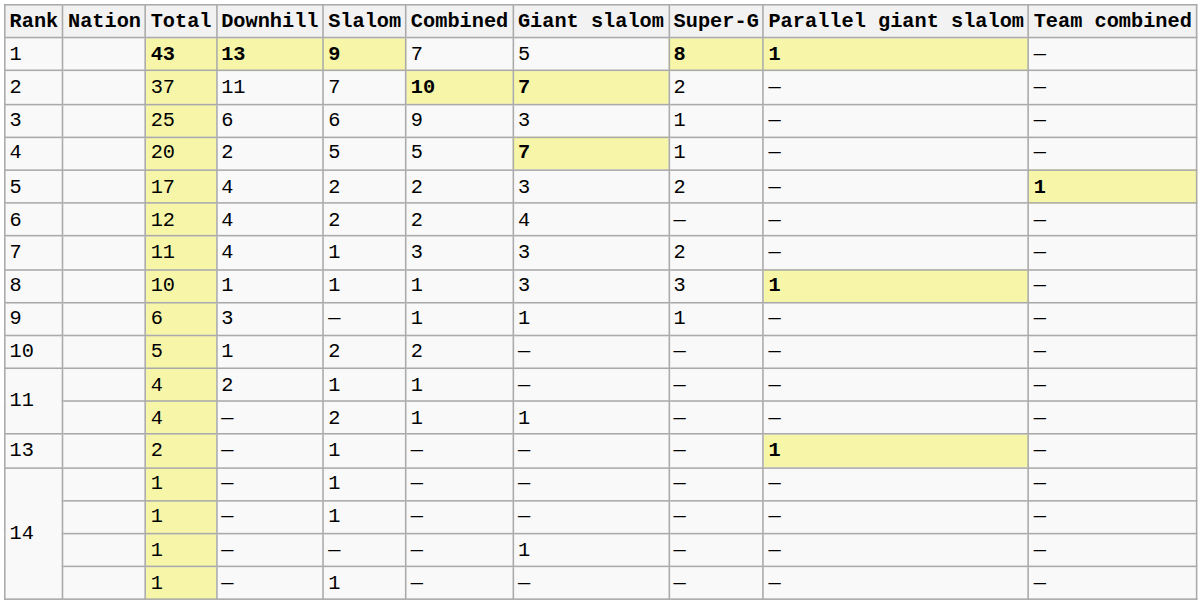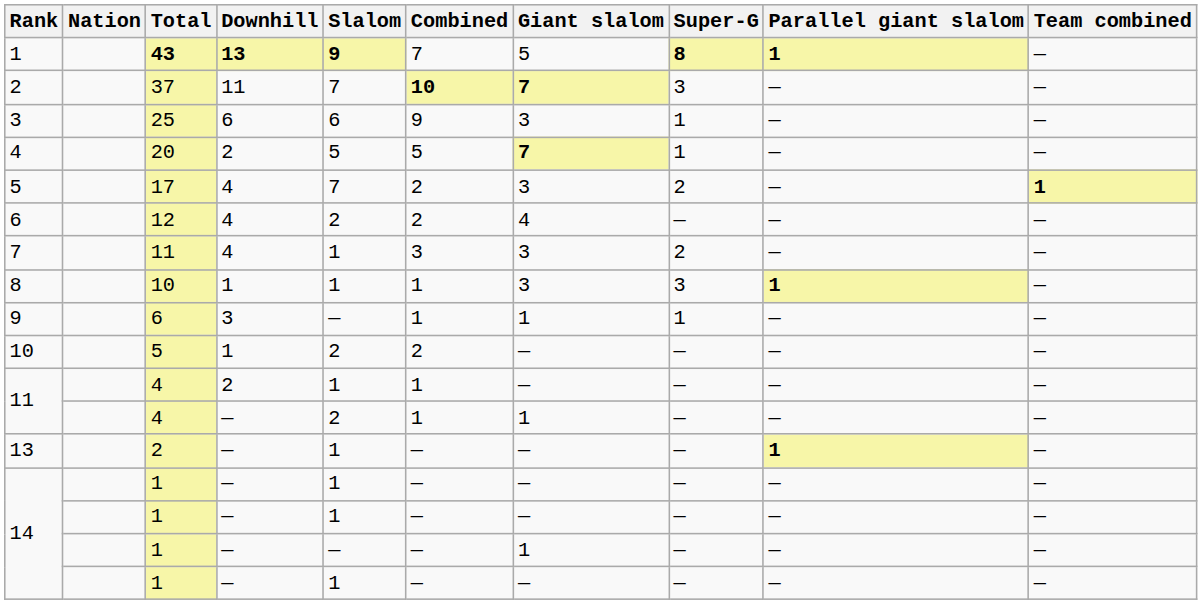 <table class="wikitable sortable" style="text-align:left;">
 <tr>
 <th>Rank</th>
 <th>Nation</th>
 <th>Total</th>
 <th>Downhill</th>
 <th>Slalom</th>
 <th>Combined</th>
 <th>Giant slalom</th>
 <th>Super-G</th>
 <th>Parallel giant slalom</th>
 <th>Team combined</th>
 </tr>
 <tr>
 <td>1</td>
 <td></td>
 <td bgcolor="#F7F6A8"><strong>43</strong></td>
 <td bgcolor="#F7F6A8"><strong>13</strong></td>
 <td bgcolor="#F7F6A8"><strong>9</strong></td>
 <td>7</td>
 <td>5</td>
 <td bgcolor="#F7F6A8"><strong>8</strong></td>
 <td bgcolor="#F7F6A8"><strong>1</strong></td>
 <td>—</td>
 </tr>
 <tr>
 <td>2</td>
 <td>  </td>
 <td bgcolor="#F7F6A8">37</td>
 <td>11</td>
 <td>7</td>
 <td bgcolor="#F7F6A8"><strong>10</strong></td>
 <td bgcolor="#F7F6A8"><strong>7</strong></td>
-<td>2</td>
+<td>3</td>
 <td>—</td>
 <td>—</td>
 </tr>
 <tr>
 <td>3</td>
 <td></td>
 <td bgcolor="#F7F6A8">25</td>
 <td>6</td>
 <td>6</td>
 <td>9</td>
 <td>3</td>
 <td>1</td>
 <td>—</td>
 <td>—</td>
 </tr>
 <tr>
 <td>4</td>
 <td></td>
 <td bgcolor="#F7F6A8">20</td>
 <td>2</td>
 <td>5</td>
 <td>5</td>
 <td bgcolor="#F7F6A8"><strong>7</strong></td>
 <td>1</td>
 <td>—</td>
 <td>—</td>
 </tr>
 <tr>
 <td>5</td>
 <td></td>
 <td bgcolor="#F7F6A8">17</td>
 <td>4</td>
-<td>2</td>
+<td>7</td>
 <td>2</td>
 <td>3</td>
 <td>2</td>
 <td>—</td>
 <td bgcolor="#F7F6A8"><strong>1</strong></td>
 </tr>
 <tr>
 <td>6</td>
 <td></td>
 <td bgcolor="#F7F6A8">12</td>
 <td>4</td>
 <td>2</td>
 <td>2</td>
 <td>4</td>
 <td>—</td>
 <td>—</td>
 <td>—</td>
 </tr>
 <tr>
 <td>7</td>
 <td></td>
 <td bgcolor="#F7F6A8">11</td>
 <td>4</td>
 <td>1</td>
 <td>3</td>
 <td>3</td>
 <td>2</td>
 <td>—</td>
 <td>—</td>
 </tr>
 <tr>
 <td>8</td>
 <td></td>
 <td bgcolor="#F7F6A8">10</td>
 <td>1</td>
 <td>1</td>
 <td>1</td>
 <td>3</td>
 <td>3</td>
 <td bgcolor="#F7F6A8"><strong>1</strong></td>
 <td>—</td>
 </tr>
 <tr>
 <td>9</td>
 <td></td>
 <td bgcolor="#F7F6A8">6</td>
 <td>3</td>
 <td>—</td>
 <td>1</td>
 <td>1</td>
 <td>1</td>
 <td>—</td>
 <td>—</td>
 </tr>
 <tr>
 <td>10</td>
 <td></td>
 <td bgcolor="#F7F6A8">5</td>
 <td>1</td>
 <td>2</td>
 <td>2</td>
 <td>—</td>
 <td>—</td>
 <td>—</td>
 <td>—</td>
 </tr>
 <tr>
 <td rowspan=2>11</td>
 <td></td>
 <td bgcolor="#F7F6A8">4</td>
 <td>2</td>
 <td>1</td>
 <td>1</td>
 <td>—</td>
 <td>—</td>
 <td>—</td>
 <td>—</td>
 </tr>
 <tr>
 <td style="text-align: left;"></td>
 <td bgcolor="#F7F6A8">4</td>
 <td>—</td>
 <td>2</td>
 <td>1</td>
 <td>1</td>
 <td>—</td>
 <td>—</td>
 <td>—</td>
 </tr>
 <tr>
 <td>13</td>
 <td></td>
 <td bgcolor="#F7F6A8">2</td>
 <td>—</td>
 <td>1</td>
 <td>—</td>
 <td>—</td>
 <td>—</td>
 <td bgcolor="#F7F6A8"><strong>1</strong></td>
 <td>—</td>
 </tr>
 <tr>
 <td rowspan=4>14</td>
 <td></td>
 <td bgcolor="#F7F6A8">1</td>
 <td>—</td>
 <td>1</td>
 <td>—</td>
 <td>—</td>
 <td>—</td>
 <td>—</td>
 <td>—</td>
 </tr>
 <tr>
 <td style="text-align: left;"></td>
 <td bgcolor="#F7F6A8">1</td>
 <td>—</td>
 <td>1</td>
 <td>—</td>
 <td>—</td>
 <td>—</td>
 <td>—</td>
 <td>—</td>
 </tr>
 <tr>
 <td style="text-align: left;"></td>
 <td bgcolor="#F7F6A8">1</td>
 <td>—</td>
 <td>—</td>
 <td>—</td>
 <td>1</td>
 <td>—</td>
 <td>—</td>
 <td>—</td>
 </tr>
 <tr>
 <td style="text-align: left;"><em></em></td>
 <td bgcolor="#F7F6A8">1</td>
 <td>—</td>
 <td>1</td>
 <td>—</td>
 <td>—</td>
 <td>—</td>
 <td>—</td>
 <td>—</td>
 </tr>
 </table>
